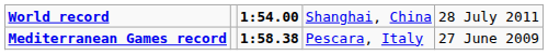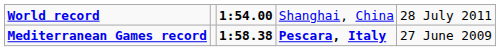 <table class="wikitable">
 <tr>
 <td><strong><a href='#'>World record</a></strong></td>
 <td></td>
 <td><strong>1:54.00</strong></td>
 <td><a href='#'>Shanghai</a>, <a href='#'>China</a></td>
 <td>28 July 2011</td>
 </tr>
 <tr>
 <td><strong><a href='#'>Mediterranean Games record</a></strong></td>
 <td></td>
 <td><strong>1:58.38</strong></td>
-<td><a href='#'>Pescara</a>, <a href='#'>Italy</a></td>
+<td><strong><a href='#'>Pescara</a>, <a href='#'>Italy</a></strong></td>
 <td>27 June 2009</td>
 </tr>
 </table>
